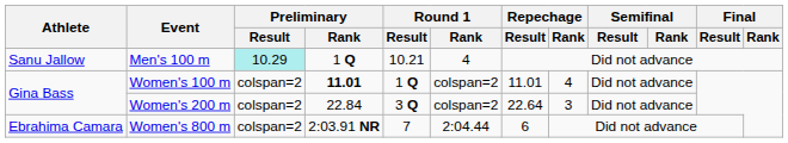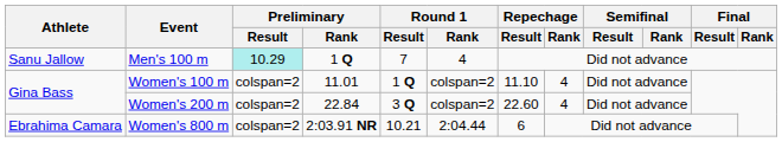 <table class="wikitable" style="font-size:90%">
 <tr>
 <th rowspan="2">Athlete</th>
 <th rowspan="2">Event</th>
 <th colspan="2">Preliminary</th>
 <th colspan="2">Round 1</th>
 <th colspan="2">Repechage</th>
 <th colspan="2">Semifinal</th>
 <th colspan="2">Final</th>
 </tr>
 <tr style="font-size:95%">
 <th>Result</th>
 <th>Rank</th>
 <th>Result</th>
 <th>Rank</th>
 <th>Result</th>
 <th>Rank</th>
 <th>Result</th>
 <th>Rank</th>
 <th>Result</th>
 <th>Rank</th>
 </tr>
 <tr align=center>
 <td align=left><a href='#'>Sanu Jallow</a></td>
 <td align=left><a href='#'>Men's 100 m</a></td>
 <td style="background: paleturquoise;">10.29</td>
 <td>1 <strong>Q</strong></td>
-<td>10.21</td>
+<td>7</td>
 <td>4</td>
 <td colspan=6>Did not advance</td>
 </tr>
 <tr align=center>
 <td align=left rowspan=2><a href='#'>Gina Bass</a></td>
 <td align=left><a href='#'>Women's 100 m</a></td>
 <td>colspan=2 </td>
-<td><strong>11.01</strong></td>
+<td>11.01</td>
 <td>1 <strong>Q</strong></td>
 <td>colspan=2 </td>
-<td>11.01</td>
+<td>11.10</td>
 <td>4</td>
 <td Colspan=2>Did not advance</td>
 </tr>
 <tr align=center>
 <td align=left><a href='#'>Women's 200 m</a></td>
 <td>colspan=2 </td>
 <td>22.84</td>
 <td>3 <strong>Q</strong></td>
 <td>colspan=2 </td>
-<td>22.64</td>
-<td>3</td>
+<td>22.60</td>
+<td>4</td>
 <td Colspan=2>Did not advance</td>
 </tr>
 <tr align=center>
 <td align=left><a href='#'>Ebrahima Camara</a></td>
 <td align=left><a href='#'>Women's 800 m</a></td>
 <td>colspan=2 </td>
 <td>2:03.91 <strong>NR</strong></td>
-<td>7</td>
+<td>10.21</td>
 <td>2:04.44</td>
 <td>6</td>
 <td colspan=4>Did not advance</td>
 </tr>
 </table>
